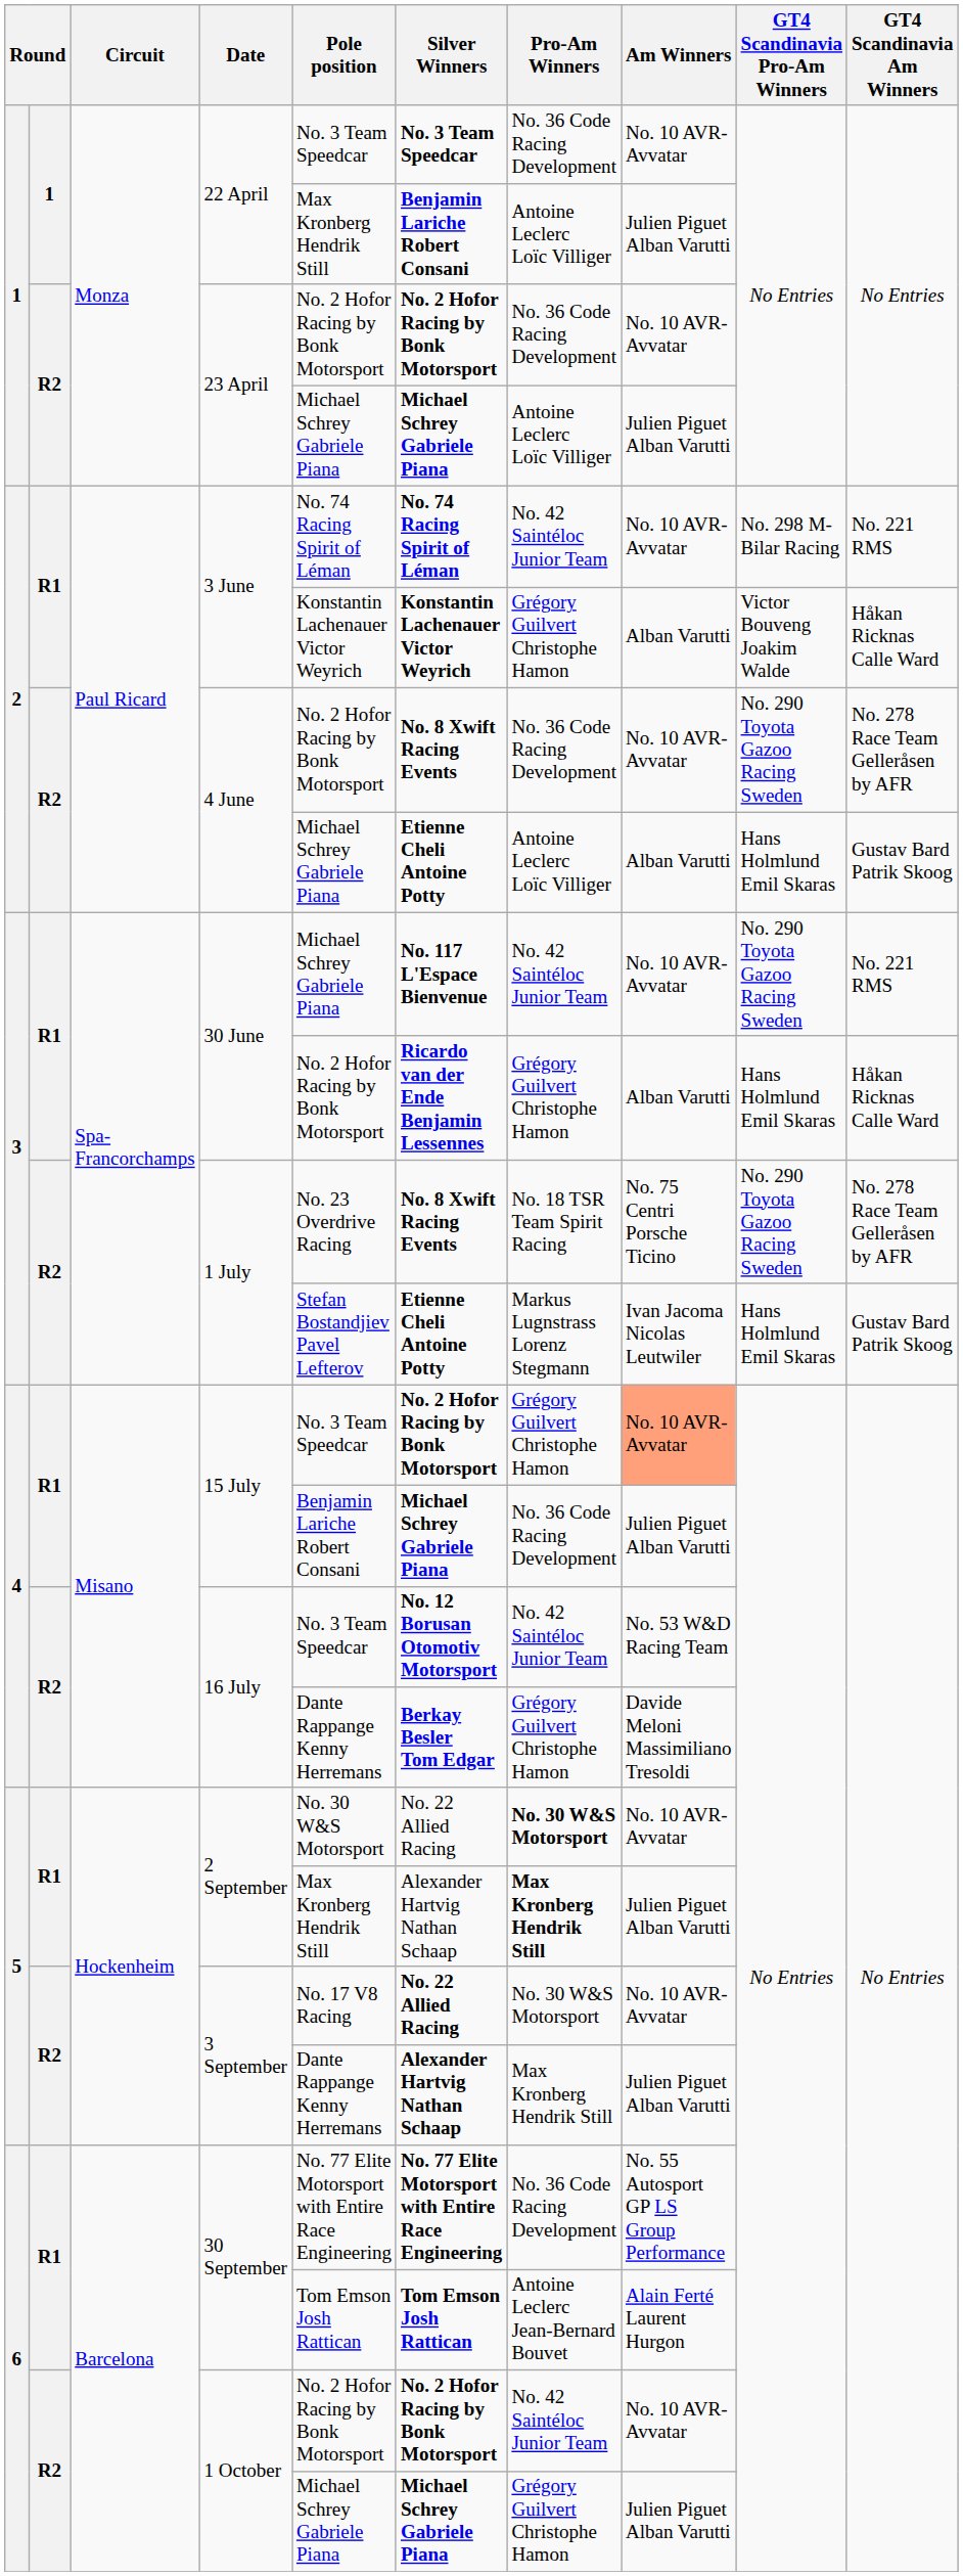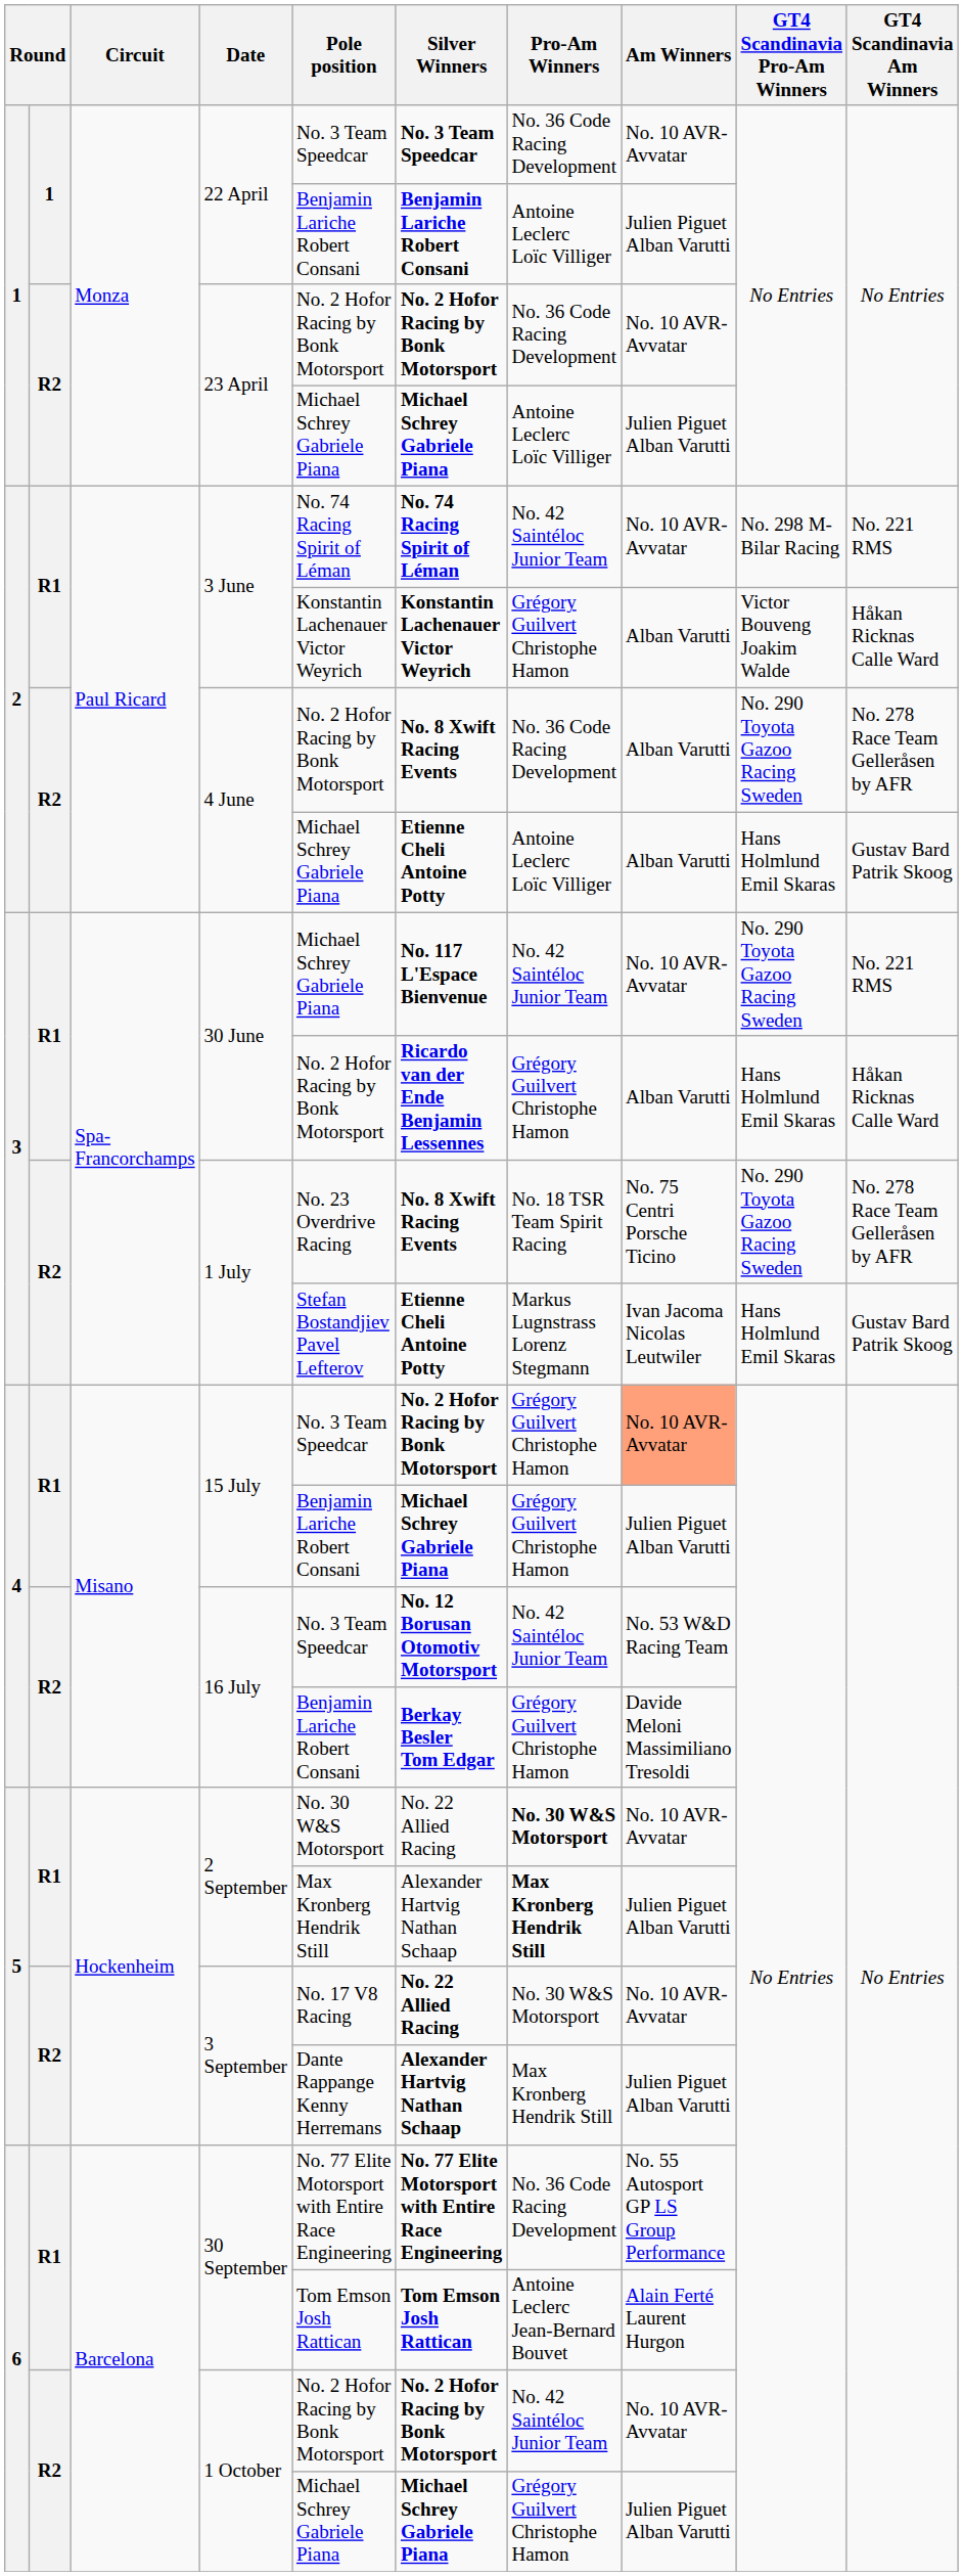 <table class="wikitable" style="font-size:85%;">
 <tr>
 <th colspan="2">Round</th>
 <th>Circuit</th>
 <th>Date</th>
 <th>Pole position</th>
 <th>Silver Winners</th>
 <th>Pro-Am Winners</th>
 <th>Am Winners</th>
 <th><a href='#'>GT4 Scandinavia</a> <br> Pro-Am Winners</th>
 <th>GT4 Scandinavia <br> Am Winners</th>
 </tr>
 <tr>
 <th rowspan="4">1</th>
 <th rowspan="2">1</th>
 <td rowspan="4"><a href='#'>Monza</a></td>
 <td rowspan="2">22 April</td>
 <td> No. 3 Team Speedcar</td>
 <td><strong> No. 3 Team Speedcar</strong></td>
 <td> No. 36 Code Racing Development</td>
 <td> No. 10 AVR-Avvatar</td>
 <td rowspan="4" align="center"><em>No Entries</em></td>
 <td rowspan="4" align="center"><em>No Entries</em></td>
 </tr>
 <tr>
-<td> Max Kronberg<br> Hendrik Still</td>
+<td> <a href='#'>Benjamin Lariche</a><br> Robert Consani</td>
 <td><strong> <a href='#'>Benjamin Lariche</a><br> Robert Consani</strong></td>
 <td> Antoine Leclerc<br> Loïc Villiger</td>
 <td> Julien Piguet<br> Alban Varutti</td>
 </tr>
 <tr>
 <th rowspan="2">R2</th>
 <td rowspan="2">23 April</td>
 <td> No. 2 Hofor Racing by Bonk Motorsport</td>
 <td><strong> No. 2 Hofor Racing by Bonk Motorsport</strong></td>
 <td> No. 36 Code Racing Development</td>
 <td> No. 10 AVR-Avvatar</td>
 </tr>
 <tr>
 <td> Michael Schrey<br> <a href='#'>Gabriele Piana</a></td>
 <td><strong> Michael Schrey<br> <a href='#'>Gabriele Piana</a></strong></td>
 <td> Antoine Leclerc<br> Loïc Villiger</td>
 <td> Julien Piguet<br> Alban Varutti</td>
 </tr>
 <tr>
 <th rowspan="4">2</th>
 <th rowspan="2">R1</th>
 <td rowspan="4"> <a href='#'>Paul Ricard</a></td>
 <td rowspan="2">3 June</td>
 <td> No. 74 <a href='#'>Racing Spirit of Léman</a></td>
 <td><strong> No. 74 <a href='#'>Racing Spirit of Léman</a></strong></td>
 <td> No. 42 <a href='#'>Saintéloc Junior Team</a></td>
 <td> No. 10 AVR-Avvatar</td>
 <td> No. 298 M-Bilar Racing</td>
 <td> No. 221 RMS</td>
 </tr>
 <tr>
 <td> Konstantin Lachenauer<br> Victor Weyrich</td>
 <td><strong> Konstantin Lachenauer<br> Victor Weyrich</strong></td>
 <td> <a href='#'>Grégory Guilvert</a><br> Christophe Hamon</td>
 <td> Alban Varutti</td>
 <td> Victor Bouveng<br> Joakim Walde</td>
 <td> Håkan Ricknas<br> Calle Ward</td>
 </tr>
 <tr>
 <th rowspan="2">R2</th>
 <td rowspan="2">4 June</td>
 <td> No. 2 Hofor Racing by Bonk Motorsport</td>
 <td><strong> No. 8 Xwift Racing Events</strong></td>
 <td> No. 36 Code Racing Development</td>
-<td> No. 10 AVR-Avvatar</td>
+<td> Alban Varutti</td>
 <td> No. 290 <a href='#'>Toyota Gazoo Racing</a> <a href='#'>Sweden</a></td>
 <td> No. 278 Race Team Gelleråsen by AFR</td>
 </tr>
 <tr>
 <td> Michael Schrey<br> <a href='#'>Gabriele Piana</a></td>
 <td><strong> Etienne Cheli<br> Antoine Potty</strong></td>
 <td> Antoine Leclerc<br> Loïc Villiger</td>
 <td> Alban Varutti</td>
 <td> Hans Holmlund<br> Emil Skaras</td>
 <td> Gustav Bard<br> Patrik Skoog</td>
 </tr>
 <tr>
 <th rowspan="4">3</th>
 <th rowspan="2">R1</th>
 <td rowspan="4"> <a href='#'>Spa-Francorchamps</a></td>
 <td rowspan="2">30 June</td>
 <td> Michael Schrey<br> <a href='#'>Gabriele Piana</a></td>
 <td><strong> No. 117 L'Espace Bienvenue</strong></td>
 <td> No. 42 <a href='#'>Saintéloc Junior Team</a></td>
 <td> No. 10 AVR-Avvatar</td>
 <td> No. 290 <a href='#'>Toyota Gazoo Racing</a> <a href='#'>Sweden</a></td>
 <td> No. 221 RMS</td>
 </tr>
 <tr>
 <td> No. 2 Hofor Racing by Bonk Motorsport</td>
 <td><strong> <a href='#'>Ricardo van der Ende</a><br> <a href='#'>Benjamin Lessennes</a></strong></td>
 <td> <a href='#'>Grégory Guilvert</a><br> Christophe Hamon</td>
 <td> Alban Varutti</td>
 <td> Hans Holmlund<br> Emil Skaras</td>
 <td> Håkan Ricknas<br> Calle Ward</td>
 </tr>
 <tr>
 <th rowspan="2">R2</th>
 <td rowspan="2">1 July</td>
 <td> No. 23 Overdrive Racing</td>
 <td><strong> No. 8 Xwift Racing Events</strong></td>
 <td> No. 18 TSR Team Spirit Racing</td>
 <td> No. 75 Centri Porsche Ticino</td>
 <td> No. 290 <a href='#'>Toyota Gazoo Racing</a> <a href='#'>Sweden</a></td>
 <td> No. 278 Race Team Gelleråsen by AFR</td>
 </tr>
 <tr>
 <td> <a href='#'>Stefan Bostandjiev</a><br> <a href='#'>Pavel Lefterov</a></td>
 <td><strong> Etienne Cheli<br> Antoine Potty</strong></td>
 <td> Markus Lugnstrass<br> Lorenz Stegmann</td>
 <td> Ivan Jacoma<br> Nicolas Leutwiler</td>
 <td> Hans Holmlund<br> Emil Skaras</td>
 <td> Gustav Bard<br> Patrik Skoog</td>
 </tr>
 <tr>
 <th rowspan="4">4</th>
 <th rowspan="2">R1</th>
 <td rowspan="4"> <a href='#'>Misano</a></td>
 <td rowspan="2">15 July</td>
 <td> No. 3 Team Speedcar</td>
 <td><strong> No. 2 Hofor Racing by Bonk Motorsport</strong></td>
 <td> <a href='#'>Grégory Guilvert</a><br> Christophe Hamon</td>
 <td style="background: lightsalmon;"> No. 10 AVR-Avvatar</td>
 <td rowspan="12" align="center"><em>No Entries</em></td>
 <td rowspan="12" align="center"><em>No Entries</em></td>
 </tr>
 <tr>
 <td> <a href='#'>Benjamin Lariche</a><br> Robert Consani</td>
 <td><strong> Michael Schrey<br> <a href='#'>Gabriele Piana</a></strong></td>
-<td> No. 36 Code Racing Development</td>
+<td> <a href='#'>Grégory Guilvert</a><br> Christophe Hamon</td>
 <td> Julien Piguet<br> Alban Varutti</td>
 </tr>
 <tr>
 <th rowspan="2">R2</th>
 <td rowspan="2">16 July</td>
 <td> No. 3 Team Speedcar</td>
 <td><strong> No. 12 <a href='#'>Borusan Otomotiv Motorsport</a></strong></td>
 <td> No. 42 <a href='#'>Saintéloc Junior Team</a></td>
 <td> No. 53 W&D Racing Team</td>
 </tr>
 <tr>
-<td> Dante Rappange<br> Kenny Herremans</td>
+<td> <a href='#'>Benjamin Lariche</a><br> Robert Consani</td>
 <td><strong> <a href='#'>Berkay Besler</a><br> <a href='#'>Tom Edgar</a></strong></td>
 <td> <a href='#'>Grégory Guilvert</a><br> Christophe Hamon</td>
 <td> Davide Meloni<br> Massimiliano Tresoldi</td>
 </tr>
 <tr>
 <th rowspan="4">5</th>
 <th rowspan="2">R1</th>
 <td rowspan="4"> <a href='#'>Hockenheim</a></td>
 <td rowspan="2">2 September</td>
 <td> No. 30 W&S Motorsport</td>
 <td> No. 22 Allied Racing</td>
 <td><strong> No. 30 W&S Motorsport</strong></td>
 <td> No. 10 AVR-Avvatar</td>
 </tr>
 <tr>
 <td> Max Kronberg<br> Hendrik Still</td>
 <td> Alexander Hartvig<br> Nathan Schaap</td>
 <td><strong> Max Kronberg<br> Hendrik Still</strong></td>
 <td> Julien Piguet<br> Alban Varutti</td>
 </tr>
 <tr>
 <th rowspan="2">R2</th>
 <td rowspan="2">3 September</td>
 <td> No. 17 V8 Racing</td>
 <td><strong> No. 22 Allied Racing</strong></td>
 <td> No. 30 W&S Motorsport</td>
 <td> No. 10 AVR-Avvatar</td>
 </tr>
 <tr>
 <td> Dante Rappange<br> Kenny Herremans</td>
 <td><strong> Alexander Hartvig<br> Nathan Schaap</strong></td>
 <td> Max Kronberg<br> Hendrik Still</td>
 <td> Julien Piguet<br> Alban Varutti</td>
 </tr>
 <tr>
 <th rowspan="4">6</th>
 <th rowspan="2">R1</th>
 <td rowspan="4"> <a href='#'>Barcelona</a></td>
 <td rowspan="2">30 September</td>
 <td> No. 77 Elite Motorsport with Entire Race Engineering</td>
 <td><strong> No. 77 Elite Motorsport with Entire Race Engineering</strong></td>
 <td> No. 36 Code Racing Development</td>
 <td> No. 55 Autosport GP <a href='#'>LS Group Performance</a></td>
 </tr>
 <tr>
 <td> Tom Emson<br> <a href='#'>Josh Rattican</a></td>
 <td><strong> Tom Emson<br> <a href='#'>Josh Rattican</a></strong></td>
 <td> Antoine Leclerc<br> Jean-Bernard Bouvet</td>
 <td> <a href='#'>Alain Ferté</a><br> Laurent Hurgon</td>
 </tr>
 <tr>
 <th rowspan="2">R2</th>
 <td rowspan="2">1 October</td>
 <td> No. 2 Hofor Racing by Bonk Motorsport</td>
 <td><strong> No. 2 Hofor Racing by Bonk Motorsport</strong></td>
 <td> No. 42 <a href='#'>Saintéloc Junior Team</a></td>
 <td> No. 10 AVR-Avvatar</td>
 </tr>
 <tr>
 <td> Michael Schrey<br> <a href='#'>Gabriele Piana</a></td>
 <td><strong> Michael Schrey<br> <a href='#'>Gabriele Piana</a></strong></td>
 <td> <a href='#'>Grégory Guilvert</a><br> Christophe Hamon</td>
 <td> Julien Piguet<br> Alban Varutti</td>
 </tr>
 </table>
